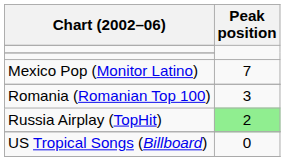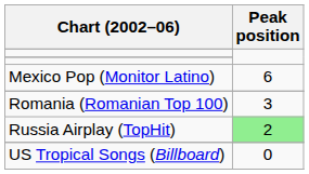 <table class="wikitable sortable">
 <tr>
 <th align="left">Chart (2002–06)</th>
 <th align="left">Peak<br>position</th>
 </tr>
 <tr>
 </tr>
 <tr>
 </tr>
 <tr>
 </tr>
 <tr>
 </tr>
 <tr>
 <td></td>
 </tr>
 <tr>
 </tr>
 <tr>
 </tr>
 <tr>
 </tr>
 <tr>
 <td></td>
 </tr>
 <tr>
 <td>Mexico Pop (<a href='#'>Monitor Latino</a>)</td>
-<td align="center">7</td>
+<td align="center">6</td>
 </tr>
 <tr>
 </tr>
 <tr>
 </tr>
 <tr>
 </tr>
 <tr>
 <td>Romania (<a href='#'>Romanian Top 100</a>)</td>
 <td align="center">3</td>
 </tr>
 <tr>
 <td>Russia Airplay (<a href='#'>TopHit</a>)</td>
 <td align="center" style="background: lightgreen;">2</td>
 </tr>
 <tr>
 </tr>
 <tr>
 </tr>
 <tr>
 </tr>
 <tr>
 </tr>
 <tr>
 </tr>
 <tr>
 </tr>
 <tr>
 <td>US <a href='#'>Tropical Songs</a> (<em><a href='#'>Billboard</a></em>)</td>
 <td style="text-align:center;">0</td>
 </tr>
 <tr>
 </tr>
 </table>
